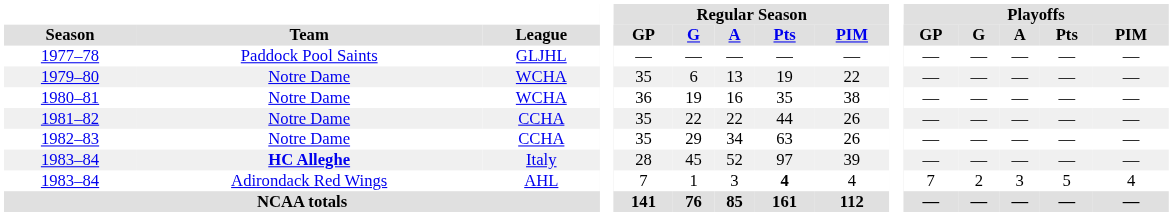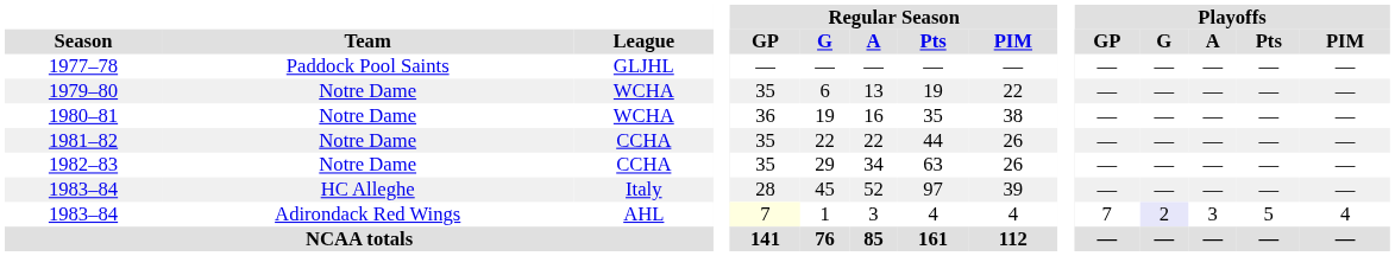 <table border="0" cellpadding="1" cellspacing="0" style="text-align:center; width:70em">
 <tr bgcolor="#e0e0e0">
 <th colspan="3"  bgcolor="#ffffff"> </th>
 <th rowspan="99" bgcolor="#ffffff"> </th>
 <th colspan="5">Regular Season</th>
 <th rowspan="99" bgcolor="#ffffff"> </th>
 <th colspan="5">Playoffs</th>
 </tr>
 <tr bgcolor="#e0e0e0">
 <th>Season</th>
 <th>Team</th>
 <th>League</th>
 <th>GP</th>
 <th><a href='#'>G</a></th>
 <th><a href='#'>A</a></th>
 <th><a href='#'>Pts</a></th>
 <th><a href='#'>PIM</a></th>
 <th>GP</th>
 <th>G</th>
 <th>A</th>
 <th>Pts</th>
 <th>PIM</th>
 </tr>
 <tr>
 <td><a href='#'>1977–78</a></td>
 <td><a href='#'>Paddock Pool Saints</a></td>
 <td><a href='#'>GLJHL</a></td>
 <td>—</td>
 <td>—</td>
 <td>—</td>
 <td>—</td>
 <td>—</td>
 <td>—</td>
 <td>—</td>
 <td>—</td>
 <td>—</td>
 <td>—</td>
 </tr>
 <tr bgcolor="f0f0f0">
 <td><a href='#'>1979–80</a></td>
 <td><a href='#'>Notre Dame</a></td>
 <td><a href='#'>WCHA</a></td>
 <td>35</td>
 <td>6</td>
 <td>13</td>
 <td>19</td>
 <td>22</td>
 <td>—</td>
 <td>—</td>
 <td>—</td>
 <td>—</td>
 <td>—</td>
 </tr>
 <tr>
 <td><a href='#'>1980–81</a></td>
 <td><a href='#'>Notre Dame</a></td>
 <td><a href='#'>WCHA</a></td>
 <td>36</td>
 <td>19</td>
 <td>16</td>
 <td>35</td>
 <td>38</td>
 <td>—</td>
 <td>—</td>
 <td>—</td>
 <td>—</td>
 <td>—</td>
 </tr>
 <tr bgcolor="f0f0f0">
 <td><a href='#'>1981–82</a></td>
 <td><a href='#'>Notre Dame</a></td>
 <td><a href='#'>CCHA</a></td>
 <td>35</td>
 <td>22</td>
 <td>22</td>
 <td>44</td>
 <td>26</td>
 <td>—</td>
 <td>—</td>
 <td>—</td>
 <td>—</td>
 <td>—</td>
 </tr>
 <tr>
 <td><a href='#'>1982–83</a></td>
 <td><a href='#'>Notre Dame</a></td>
 <td><a href='#'>CCHA</a></td>
 <td>35</td>
 <td>29</td>
 <td>34</td>
 <td>63</td>
 <td>26</td>
 <td>—</td>
 <td>—</td>
 <td>—</td>
 <td>—</td>
 <td>—</td>
 </tr>
 <tr bgcolor="f0f0f0">
 <td><a href='#'>1983–84</a></td>
-<td><strong><a href='#'>HC Alleghe</a></strong></td>
+<td><a href='#'>HC Alleghe</a></td>
 <td><a href='#'>Italy</a></td>
 <td>28</td>
 <td>45</td>
 <td>52</td>
 <td>97</td>
 <td>39</td>
 <td>—</td>
 <td>—</td>
 <td>—</td>
 <td>—</td>
 <td>—</td>
 </tr>
 <tr>
 <td><a href='#'>1983–84</a></td>
 <td><a href='#'>Adirondack Red Wings</a></td>
 <td><a href='#'>AHL</a></td>
-<td>7</td>
+<td style="background: lightyellow;">7</td>
 <td>1</td>
 <td>3</td>
-<td><strong>4</strong></td>
+<td>4</td>
 <td>4</td>
 <td>7</td>
-<td>2</td>
+<td style="background: lavender;">2</td>
 <td>3</td>
 <td>5</td>
 <td>4</td>
 </tr>
 <tr bgcolor="#e0e0e0">
 <th colspan="3">NCAA totals</th>
 <th>141</th>
 <th>76</th>
 <th>85</th>
 <th>161</th>
 <th>112</th>
 <th>—</th>
 <th>—</th>
 <th>—</th>
 <th>—</th>
 <th>—</th>
 </tr>
 </table>
